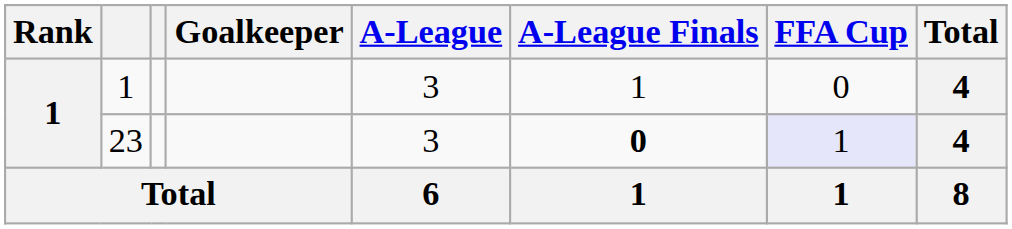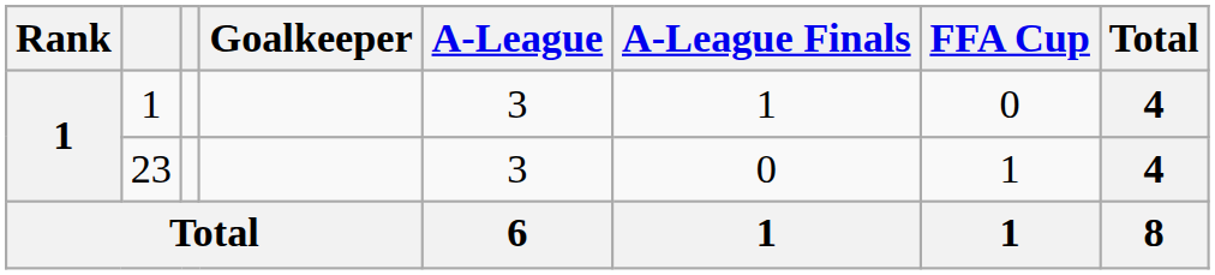 <table class="wikitable" style="text-align:center">
 <tr>
 <th>Rank</th>
 <th></th>
 <th></th>
 <th>Goalkeeper</th>
 <th><a href='#'>A-League</a></th>
 <th><a href='#'>A-League Finals</a></th>
 <th><a href='#'>FFA Cup</a></th>
 <th>Total</th>
 </tr>
 <tr>
 <th rowspan="2">1</th>
 <td>1</td>
 <td></td>
 <td align="left"></td>
 <td>3</td>
 <td>1</td>
 <td>0</td>
 <th>4</th>
 </tr>
 <tr>
 <td>23</td>
 <td></td>
 <td align="left"></td>
 <td>3</td>
-<td><strong>0</strong></td>
-<td style="background: lavender;">1</td>
+<td>0</td>
+<td>1</td>
 <th>4</th>
 </tr>
 <tr>
 <th colspan="4">Total</th>
 <th>6</th>
 <th>1</th>
 <th>1</th>
 <th>8</th>
 </tr>
 </table>
